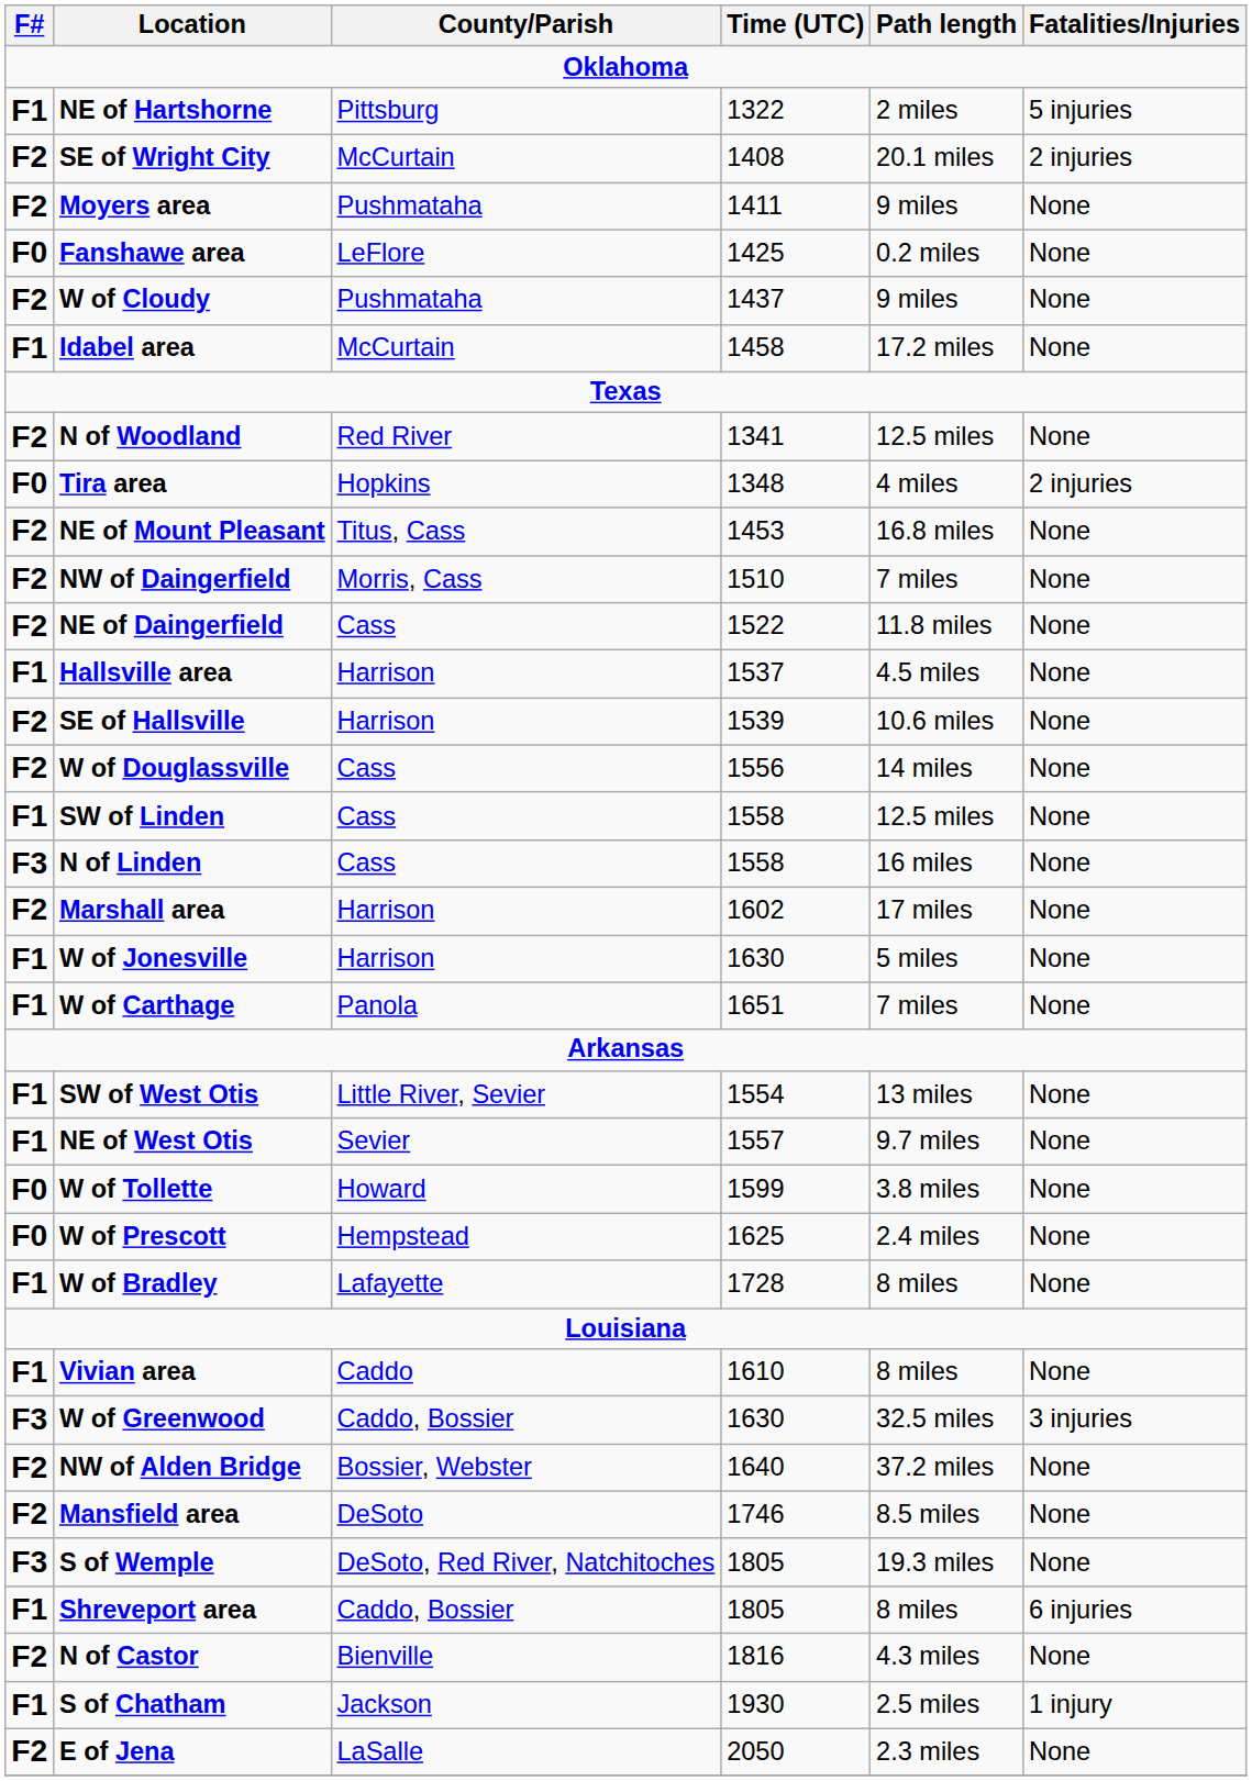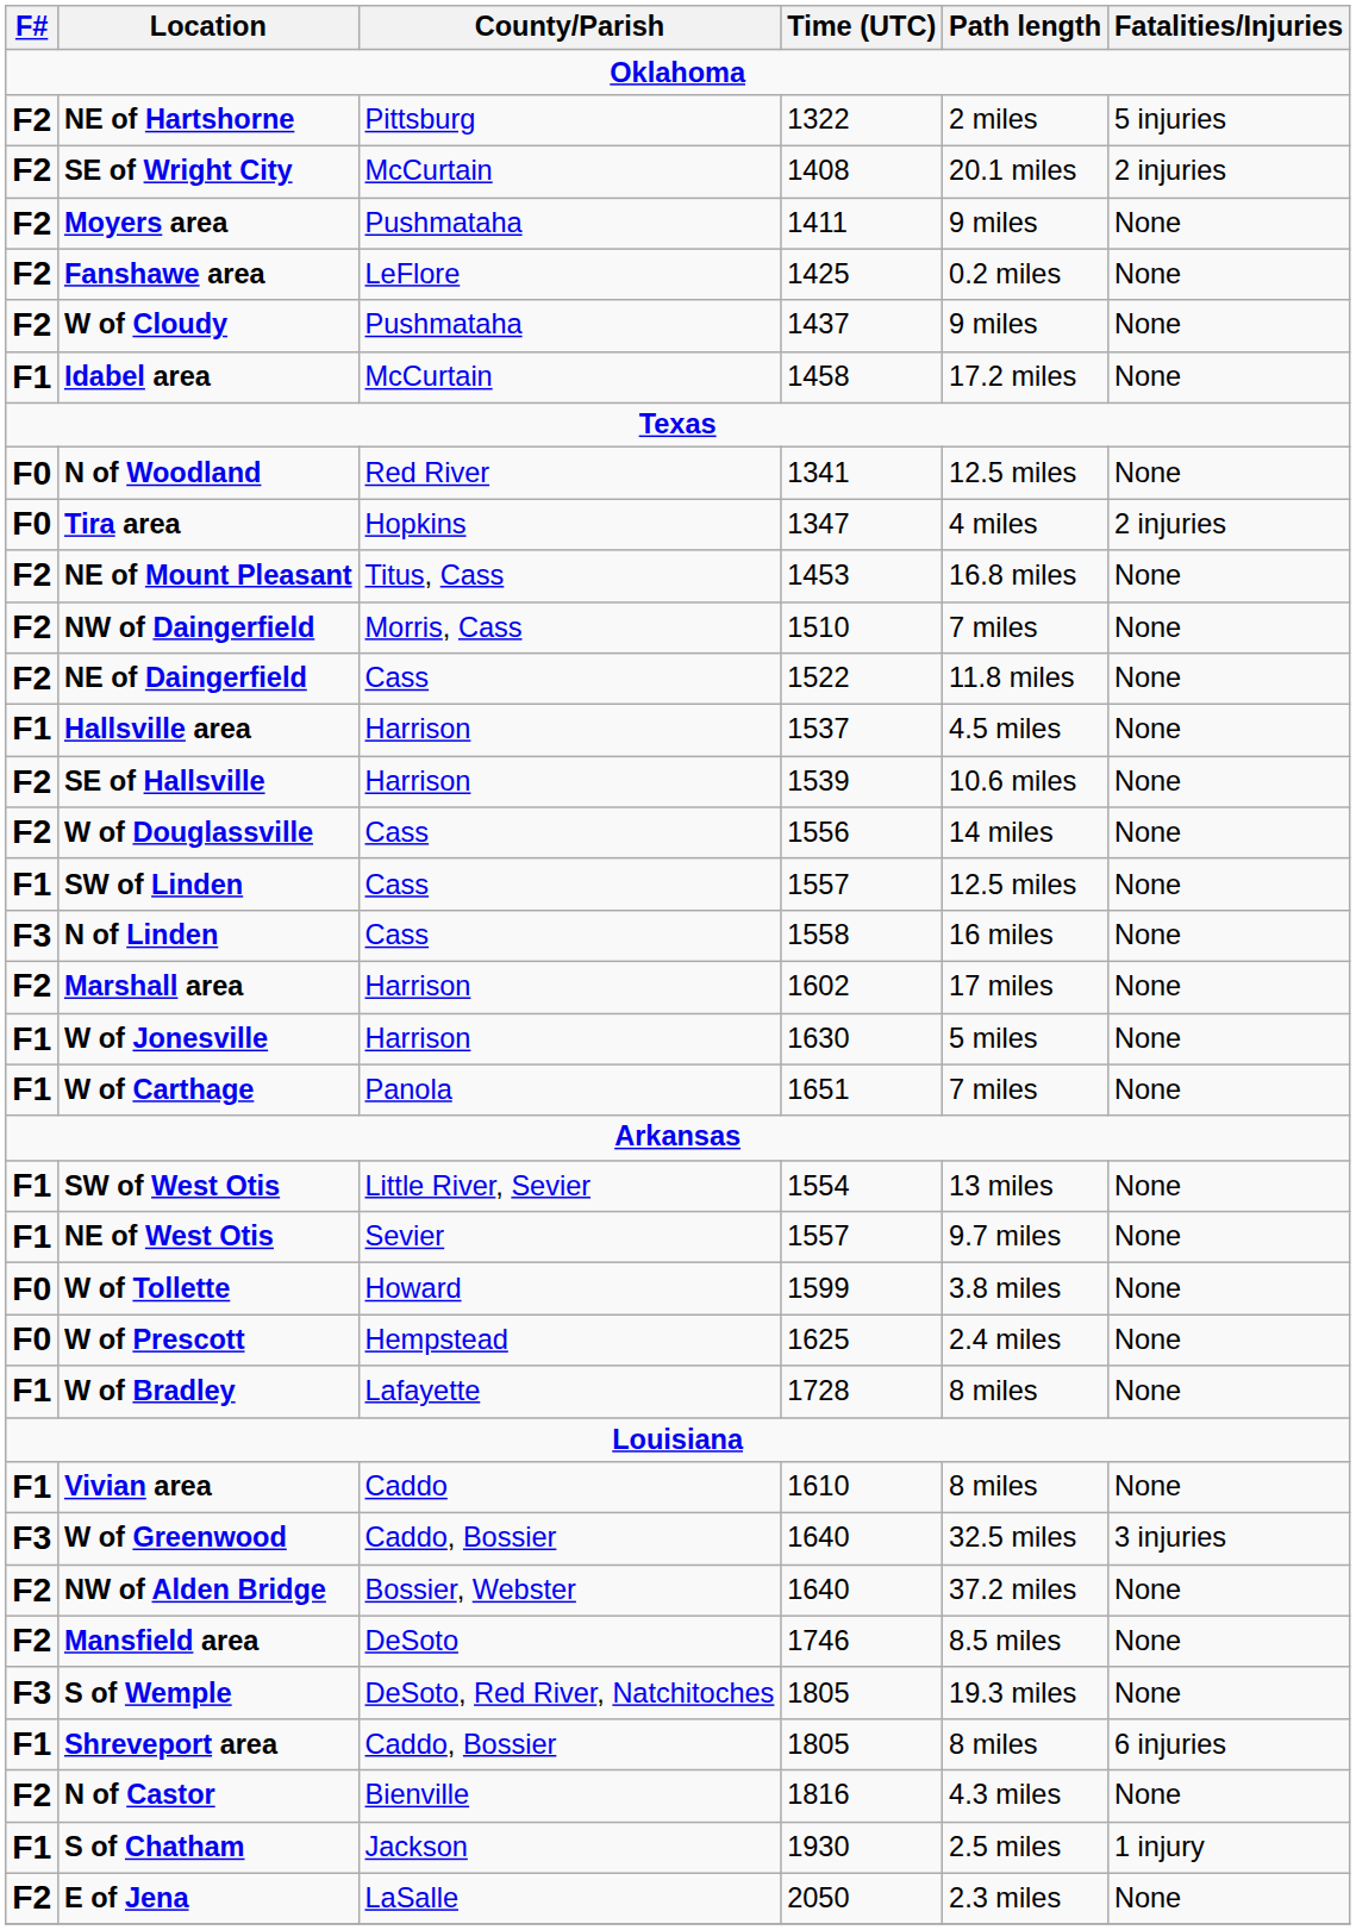 <table class="wikitable">
 <tr>
 <th><strong><a href='#'>F#</a></strong></th>
 <th><strong>Location</strong></th>
 <th><strong>County/Parish</strong></th>
 <th><strong>Time (UTC)</strong></th>
 <th><strong>Path length</strong></th>
 <th><strong>Fatalities/Injuries</strong></th>
 </tr>
 <tr>
 <td colspan="7" align=center><strong><a href='#'>Oklahoma</a></strong></td>
 </tr>
 <tr>
-<td><big><strong>F1</strong></big></td>
+<td><big><strong>F2</strong></big></td>
 <td><strong>NE of <a href='#'>Hartshorne</a></strong></td>
 <td><a href='#'>Pittsburg</a></td>
 <td>1322</td>
 <td>2 miles</td>
 <td>5 injuries</td>
 </tr>
 <tr>
 <td><big><strong>F2</strong></big></td>
 <td><strong>SE of <a href='#'>Wright City</a></strong></td>
 <td><a href='#'>McCurtain</a></td>
 <td>1408</td>
 <td>20.1 miles</td>
 <td>2 injuries</td>
 </tr>
 <tr>
 <td><big><strong>F2</strong></big></td>
 <td><strong><a href='#'>Moyers</a> area</strong></td>
 <td><a href='#'>Pushmataha</a></td>
 <td>1411</td>
 <td>9 miles</td>
 <td>None</td>
 </tr>
 <tr>
-<td><big><strong>F0</strong></big></td>
+<td><big><strong>F2</strong></big></td>
 <td><strong><a href='#'>Fanshawe</a> area</strong></td>
 <td><a href='#'>LeFlore</a></td>
 <td>1425</td>
 <td>0.2 miles</td>
 <td>None</td>
 </tr>
 <tr>
 <td><big><strong>F2</strong></big></td>
 <td><strong>W of <a href='#'>Cloudy</a></strong></td>
 <td><a href='#'>Pushmataha</a></td>
 <td>1437</td>
 <td>9 miles</td>
 <td>None</td>
 </tr>
 <tr>
 <td><big><strong>F1</strong></big></td>
 <td><strong><a href='#'>Idabel</a> area</strong></td>
 <td><a href='#'>McCurtain</a></td>
 <td>1458</td>
 <td>17.2 miles</td>
 <td>None</td>
 </tr>
 <tr>
 <td colspan="7" align=center><strong><a href='#'>Texas</a></strong></td>
 </tr>
 <tr>
-<td><big><strong>F2</strong></big></td>
+<td><big><strong>F0</strong></big></td>
 <td><strong>N of <a href='#'>Woodland</a></strong></td>
 <td><a href='#'>Red River</a></td>
 <td>1341</td>
 <td>12.5 miles</td>
 <td>None</td>
 </tr>
 <tr>
 <td><big><strong>F0</strong></big></td>
 <td><strong><a href='#'>Tira</a> area</strong></td>
 <td><a href='#'>Hopkins</a></td>
-<td>1348</td>
+<td>1347</td>
 <td>4 miles</td>
 <td>2 injuries</td>
 </tr>
 <tr>
 <td><big><strong>F2</strong></big></td>
 <td><strong>NE of <a href='#'>Mount Pleasant</a></strong></td>
 <td><a href='#'>Titus</a>, <a href='#'>Cass</a></td>
 <td>1453</td>
 <td>16.8 miles</td>
 <td>None</td>
 </tr>
 <tr>
 <td><big><strong>F2</strong></big></td>
 <td><strong>NW of <a href='#'>Daingerfield</a></strong></td>
 <td><a href='#'>Morris</a>, <a href='#'>Cass</a></td>
 <td>1510</td>
 <td>7 miles</td>
 <td>None</td>
 </tr>
 <tr>
 <td><big><strong>F2</strong></big></td>
 <td><strong>NE of <a href='#'>Daingerfield</a></strong></td>
 <td><a href='#'>Cass</a></td>
 <td>1522</td>
 <td>11.8 miles</td>
 <td>None</td>
 </tr>
 <tr>
 <td><big><strong>F1</strong></big></td>
 <td><strong><a href='#'>Hallsville</a> area</strong></td>
 <td><a href='#'>Harrison</a></td>
 <td>1537</td>
 <td>4.5 miles</td>
 <td>None</td>
 </tr>
 <tr>
 <td><big><strong>F2</strong></big></td>
 <td><strong>SE of <a href='#'>Hallsville</a></strong></td>
 <td><a href='#'>Harrison</a></td>
 <td>1539</td>
 <td>10.6 miles</td>
 <td>None</td>
 </tr>
 <tr>
 <td><big><strong>F2</strong></big></td>
 <td><strong>W of <a href='#'>Douglassville</a></strong></td>
 <td><a href='#'>Cass</a></td>
 <td>1556</td>
 <td>14 miles</td>
 <td>None</td>
 </tr>
 <tr>
 <td><big><strong>F1</strong></big></td>
 <td><strong>SW of <a href='#'>Linden</a></strong></td>
 <td><a href='#'>Cass</a></td>
-<td>1558</td>
+<td>1557</td>
 <td>12.5 miles</td>
 <td>None</td>
 </tr>
 <tr>
 <td><big><strong>F3</strong></big></td>
 <td><strong>N of <a href='#'>Linden</a></strong></td>
 <td><a href='#'>Cass</a></td>
 <td>1558</td>
 <td>16 miles</td>
 <td>None</td>
 </tr>
 <tr>
 <td><big><strong>F2</strong></big></td>
 <td><strong><a href='#'>Marshall</a> area</strong></td>
 <td><a href='#'>Harrison</a></td>
 <td>1602</td>
 <td>17 miles</td>
 <td>None</td>
 </tr>
 <tr>
 <td><big><strong>F1</strong></big></td>
 <td><strong>W of <a href='#'>Jonesville</a></strong></td>
 <td><a href='#'>Harrison</a></td>
 <td>1630</td>
 <td>5 miles</td>
 <td>None</td>
 </tr>
 <tr>
 <td><big><strong>F1</strong></big></td>
 <td><strong>W of <a href='#'>Carthage</a></strong></td>
 <td><a href='#'>Panola</a></td>
 <td>1651</td>
 <td>7 miles</td>
 <td>None</td>
 </tr>
 <tr>
 <td colspan="7" align=center><strong><a href='#'>Arkansas</a></strong></td>
 </tr>
 <tr>
 <td><big><strong>F1</strong></big></td>
 <td><strong>SW of <a href='#'>West Otis</a></strong></td>
 <td><a href='#'>Little River</a>, <a href='#'>Sevier</a></td>
 <td>1554</td>
 <td>13 miles</td>
 <td>None</td>
 </tr>
 <tr>
 <td><big><strong>F1</strong></big></td>
 <td><strong>NE of <a href='#'>West Otis</a></strong></td>
 <td><a href='#'>Sevier</a></td>
 <td>1557</td>
 <td>9.7 miles</td>
 <td>None</td>
 </tr>
 <tr>
 <td><big><strong>F0</strong></big></td>
 <td><strong>W of <a href='#'>Tollette</a></strong></td>
 <td><a href='#'>Howard</a></td>
 <td>1599</td>
 <td>3.8 miles</td>
 <td>None</td>
 </tr>
 <tr>
 <td><big><strong>F0</strong></big></td>
 <td><strong>W of <a href='#'>Prescott</a></strong></td>
 <td><a href='#'>Hempstead</a></td>
 <td>1625</td>
 <td>2.4 miles</td>
 <td>None</td>
 </tr>
 <tr>
 <td><big><strong>F1</strong></big></td>
 <td><strong>W of <a href='#'>Bradley</a></strong></td>
 <td><a href='#'>Lafayette</a></td>
 <td>1728</td>
 <td>8 miles</td>
 <td>None</td>
 </tr>
 <tr>
 <td colspan="7" align=center><strong><a href='#'>Louisiana</a></strong></td>
 </tr>
 <tr>
 <td><big><strong>F1</strong></big></td>
 <td><strong><a href='#'>Vivian</a> area</strong></td>
 <td><a href='#'>Caddo</a></td>
 <td>1610</td>
 <td>8 miles</td>
 <td>None</td>
 </tr>
 <tr>
 <td><big><strong>F3</strong></big></td>
 <td><strong>W of <a href='#'>Greenwood</a></strong></td>
 <td><a href='#'>Caddo</a>, <a href='#'>Bossier</a></td>
-<td>1630</td>
+<td>1640</td>
 <td>32.5 miles</td>
 <td>3 injuries</td>
 </tr>
 <tr>
 <td><big><strong>F2</strong></big></td>
 <td><strong>NW of <a href='#'>Alden Bridge</a></strong></td>
 <td><a href='#'>Bossier</a>, <a href='#'>Webster</a></td>
 <td>1640</td>
 <td>37.2 miles</td>
 <td>None</td>
 </tr>
 <tr>
 <td><big><strong>F2</strong></big></td>
 <td><strong><a href='#'>Mansfield</a> area</strong></td>
 <td><a href='#'>DeSoto</a></td>
 <td>1746</td>
 <td>8.5 miles</td>
 <td>None</td>
 </tr>
 <tr>
 <td><big><strong>F3</strong></big></td>
 <td><strong>S of <a href='#'>Wemple</a></strong></td>
 <td><a href='#'>DeSoto</a>, <a href='#'>Red River</a>, <a href='#'>Natchitoches</a></td>
 <td>1805</td>
 <td>19.3 miles</td>
 <td>None</td>
 </tr>
 <tr>
 <td><big><strong>F1</strong></big></td>
 <td><strong><a href='#'>Shreveport</a> area</strong></td>
 <td><a href='#'>Caddo</a>, <a href='#'>Bossier</a></td>
 <td>1805</td>
 <td>8 miles</td>
 <td>6 injuries</td>
 </tr>
 <tr>
 <td><big><strong>F2</strong></big></td>
 <td><strong>N of <a href='#'>Castor</a></strong></td>
 <td><a href='#'>Bienville</a></td>
 <td>1816</td>
 <td>4.3 miles</td>
 <td>None</td>
 </tr>
 <tr>
 <td><big><strong>F1</strong></big></td>
 <td><strong>S of <a href='#'>Chatham</a></strong></td>
 <td><a href='#'>Jackson</a></td>
 <td>1930</td>
 <td>2.5 miles</td>
 <td>1 injury</td>
 </tr>
 <tr>
 <td><big><strong>F2</strong></big></td>
 <td><strong>E of <a href='#'>Jena</a></strong></td>
 <td><a href='#'>LaSalle</a></td>
 <td>2050</td>
 <td>2.3 miles</td>
 <td>None</td>
 </tr>
 <tr>
 </tr>
 </table>
